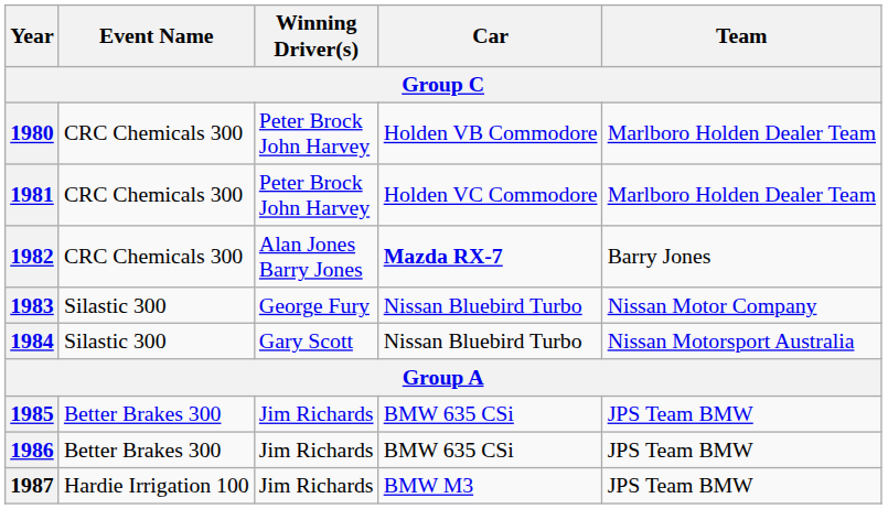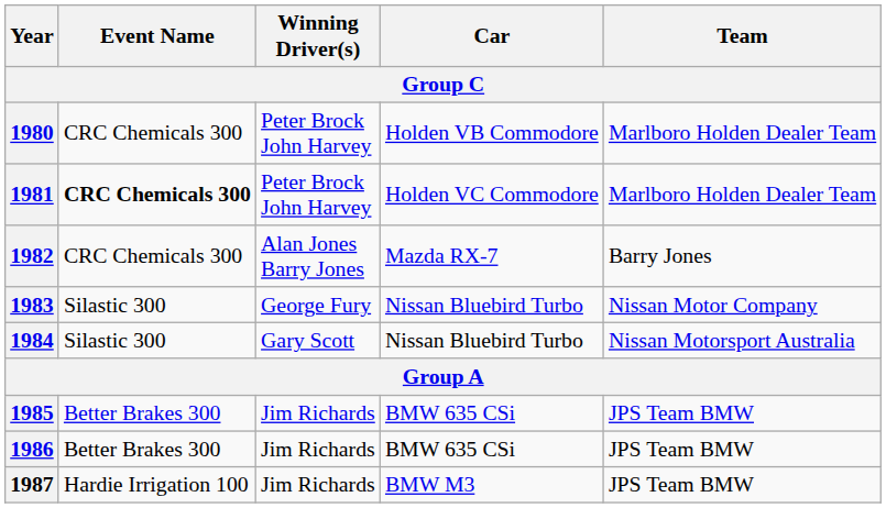 <table class="wikitable" style="font-size: 95%">
 <tr>
 <th>Year</th>
 <th>Event Name</th>
 <th>Winning<br>Driver(s)</th>
 <th>Car</th>
 <th>Team</th>
 </tr>
 <tr>
 <th colspan=5><a href='#'>Group C</a></th>
 </tr>
 <tr>
 <th><a href='#'>1980</a></th>
 <td>CRC Chemicals 300</td>
 <td><a href='#'>Peter Brock</a> <br> <a href='#'>John Harvey</a></td>
 <td><a href='#'>Holden VB Commodore</a></td>
 <td><a href='#'>Marlboro Holden Dealer Team</a></td>
 </tr>
 <tr>
 <th><a href='#'>1981</a></th>
-<td>CRC Chemicals 300</td>
+<td><strong>CRC Chemicals 300</strong></td>
 <td><a href='#'>Peter Brock</a> <br> <a href='#'>John Harvey</a></td>
 <td><a href='#'>Holden VC Commodore</a></td>
 <td><a href='#'>Marlboro Holden Dealer Team</a></td>
 </tr>
 <tr>
 <th><a href='#'>1982</a></th>
 <td>CRC Chemicals 300</td>
 <td><a href='#'>Alan Jones</a><br><a href='#'>Barry Jones</a></td>
-<td><strong><a href='#'>Mazda RX-7</a></strong></td>
+<td><a href='#'>Mazda RX-7</a></td>
 <td>Barry Jones</td>
 </tr>
 <tr>
 <th><a href='#'>1983</a></th>
 <td>Silastic 300</td>
 <td><a href='#'>George Fury</a></td>
 <td><a href='#'>Nissan Bluebird Turbo</a></td>
 <td><a href='#'>Nissan Motor Company</a></td>
 </tr>
 <tr>
 <th><a href='#'>1984</a></th>
 <td>Silastic 300</td>
 <td><a href='#'>Gary Scott</a></td>
 <td>Nissan Bluebird Turbo</td>
 <td><a href='#'>Nissan Motorsport Australia</a></td>
 </tr>
 <tr>
 <th colspan=5><a href='#'>Group A</a></th>
 </tr>
 <tr>
 <th><a href='#'>1985</a></th>
 <td><a href='#'>Better Brakes 300</a></td>
 <td><a href='#'>Jim Richards</a></td>
 <td><a href='#'>BMW 635 CSi</a></td>
 <td><a href='#'>JPS Team BMW</a></td>
 </tr>
 <tr>
 <th><a href='#'>1986</a></th>
 <td>Better Brakes 300</td>
 <td>Jim Richards</td>
 <td>BMW 635 CSi</td>
 <td>JPS Team BMW</td>
 </tr>
 <tr>
 <th>1987</th>
 <td>Hardie Irrigation 100</td>
 <td>Jim Richards</td>
 <td><a href='#'>BMW M3</a></td>
 <td>JPS Team BMW</td>
 </tr>
 </table>
